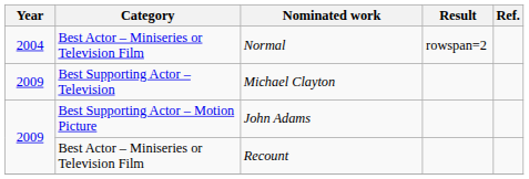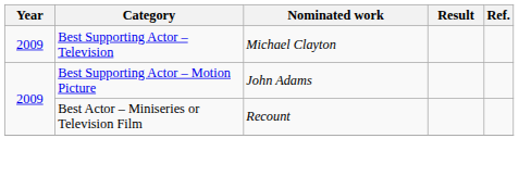 <table class=wikitable>
 <tr>
 <th scope="col" style="width:5em;">Year</th>
 <th scope="col" style="width:26em;">Category</th>
 <th scope="col" style="width:25em;">Nominated work</th>
 <th scope="col" style="width:5em;">Result</th>
 <th>Ref.</th>
-</tr>
-<tr>
-<td style="text-align:center;"><a href='#'>2004</a></td>
-<td><a href='#'>Best Actor – Miniseries or Television Film</a></td>
-<td><em>Normal</em></td>
-<td>rowspan=2  </td>
-<td></td>
 </tr>
 <tr>
 <td style="text-align:center;"><a href='#'>2009</a></td>
 <td><a href='#'>Best Supporting Actor – Television</a></td>
 <td><em>Michael Clayton</em></td>
 <td></td>
 </tr>
 <tr>
 <td style="text-align:center;", rowspan=2><a href='#'>2009</a></td>
 <td><a href='#'>Best Supporting Actor – Motion Picture</a></td>
 <td><em>John Adams</em></td>
 <td></td>
 <td></td>
 </tr>
 <tr>
 <td>Best Actor – Miniseries or Television Film</td>
 <td><em>Recount</em></td>
 <td></td>
 <td></td>
 </tr>
 <tr>
 </tr>
 </table>
